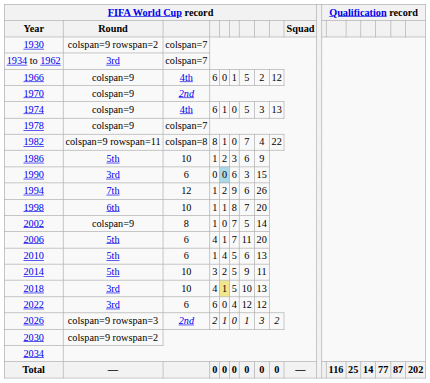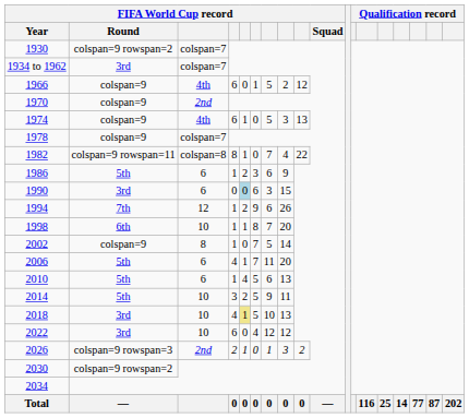 <table class="wikitable" style="text-align:center;">
 <tr>
 <th colspan=10><a href='#'>FIFA World Cup</a> record</th>
 <th rowspan=23></th>
 <th colspan=8><a href='#'>Qualification</a> record</th>
 </tr>
 <tr>
 <th>Year</th>
 <th>Round</th>
 <th></th>
 <th></th>
 <th></th>
 <th></th>
 <th></th>
 <th></th>
 <th></th>
 <th>Squad</th>
 <th></th>
 <th></th>
 <th></th>
 <th></th>
 <th></th>
 <th></th>
 <th></th>
 </tr>
 <tr>
 <td> <a href='#'>1930</a></td>
 <td>colspan=9 rowspan=2 </td>
 <td>colspan=7 </td>
 </tr>
 <tr>
 <td> <a href='#'>1934</a> to  <a href='#'>1962</a></td>
 <td><a href='#'>3rd</a></td>
 <td>colspan=7 </td>
 </tr>
 <tr>
 <td> <a href='#'>1966</a></td>
 <td>colspan=9 </td>
 <td><a href='#'>4th</a></td>
 <td>6</td>
 <td>0</td>
 <td>1</td>
 <td>5</td>
 <td>2</td>
 <td>12</td>
 </tr>
 <tr>
 <td> <a href='#'>1970</a></td>
 <td>colspan=9 </td>
 <td><em><a href='#'>2nd</a></em></td>
 </tr>
 <tr>
 <td> <a href='#'>1974</a></td>
 <td>colspan=9 </td>
 <td><a href='#'>4th</a></td>
 <td>6</td>
 <td>1</td>
 <td>0</td>
 <td>5</td>
 <td>3</td>
 <td>13</td>
 </tr>
 <tr>
 <td> <a href='#'>1978</a></td>
 <td>colspan=9 </td>
 <td>colspan=7 </td>
 </tr>
 <tr>
 <td> <a href='#'>1982</a></td>
 <td>colspan=9 rowspan=11 </td>
 <td>colspan=8 </td>
 <td>8</td>
 <td>1</td>
 <td>0</td>
 <td>7</td>
 <td>4</td>
 <td>22</td>
 </tr>
 <tr>
 <td> <a href='#'>1986</a></td>
 <td><a href='#'>5th</a></td>
-<td>10</td>
+<td>6</td>
 <td>1</td>
 <td>2</td>
 <td>3</td>
 <td>6</td>
 <td>9</td>
 </tr>
 <tr>
 <td> <a href='#'>1990</a></td>
 <td><a href='#'>3rd</a></td>
 <td>6</td>
 <td>0</td>
 <td style="background: lightblue;">0</td>
 <td>6</td>
 <td>3</td>
 <td>15</td>
 </tr>
 <tr>
 <td> <a href='#'>1994</a></td>
 <td><a href='#'>7th</a></td>
 <td>12</td>
 <td>1</td>
 <td>2</td>
 <td>9</td>
 <td>6</td>
 <td>26</td>
 </tr>
 <tr>
 <td> <a href='#'>1998</a></td>
 <td><a href='#'>6th</a></td>
 <td>10</td>
 <td>1</td>
 <td>1</td>
 <td>8</td>
 <td>7</td>
 <td>20</td>
 </tr>
 <tr>
 <td>  <a href='#'>2002</a></td>
 <td>colspan=9 </td>
 <td>8</td>
 <td>1</td>
 <td>0</td>
 <td>7</td>
 <td>5</td>
 <td>14</td>
 </tr>
 <tr>
 <td> <a href='#'>2006</a></td>
 <td><a href='#'>5th</a></td>
 <td>6</td>
 <td>4</td>
 <td>1</td>
 <td>7</td>
 <td>11</td>
 <td>20</td>
 </tr>
 <tr>
 <td> <a href='#'>2010</a></td>
 <td><a href='#'>5th</a></td>
 <td>6</td>
 <td>1</td>
 <td>4</td>
 <td>5</td>
 <td>6</td>
 <td>13</td>
 </tr>
 <tr>
 <td> <a href='#'>2014</a></td>
 <td><a href='#'>5th</a></td>
 <td>10</td>
 <td>3</td>
 <td>2</td>
 <td>5</td>
 <td>9</td>
 <td>11</td>
 </tr>
 <tr>
 <td> <a href='#'>2018</a></td>
 <td><a href='#'>3rd</a></td>
 <td>10</td>
 <td>4</td>
 <td style="background: khaki;">1</td>
 <td>5</td>
 <td>10</td>
 <td>13</td>
 </tr>
 <tr>
 <td> <a href='#'>2022</a></td>
 <td><a href='#'>3rd</a></td>
-<td>6</td>
+<td>10</td>
 <td>6</td>
 <td>0</td>
 <td>4</td>
 <td>12</td>
 <td>12</td>
 </tr>
 <tr>
 <td>   <a href='#'>2026</a></td>
 <td>colspan=9 rowspan=3 </td>
 <td><em><a href='#'>2nd</a></em></td>
 <td><em>2</em></td>
 <td><em>1</em></td>
 <td><em>0</em></td>
 <td><em>1</em></td>
 <td><em>3</em></td>
 <td><em>2</em></td>
 </tr>
 <tr>
 <td>   <a href='#'>2030</a></td>
 <td>colspan=9 rowspan=2 </td>
 </tr>
 <tr>
 <td> <a href='#'>2034</a></td>
 </tr>
 <tr>
 <th>Total</th>
 <th>—</th>
 <th></th>
 <th>0</th>
 <th>0</th>
 <th>0</th>
 <th>0</th>
 <th>0</th>
 <th>0</th>
 <th>—</th>
 <th></th>
 <th>116</th>
 <th>25</th>
 <th>14</th>
 <th>77</th>
 <th>87</th>
 <th>202</th>
 </tr>
 </table>
